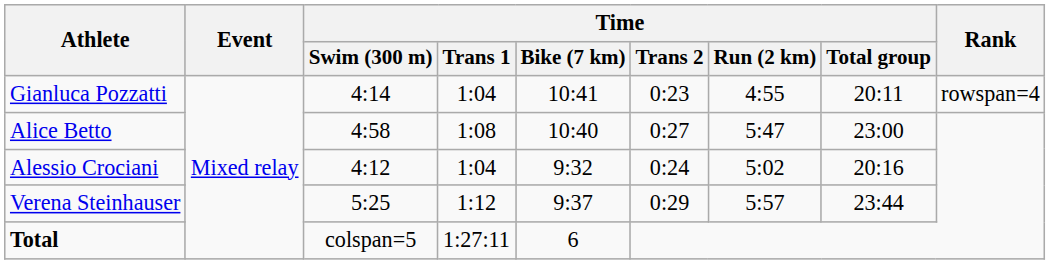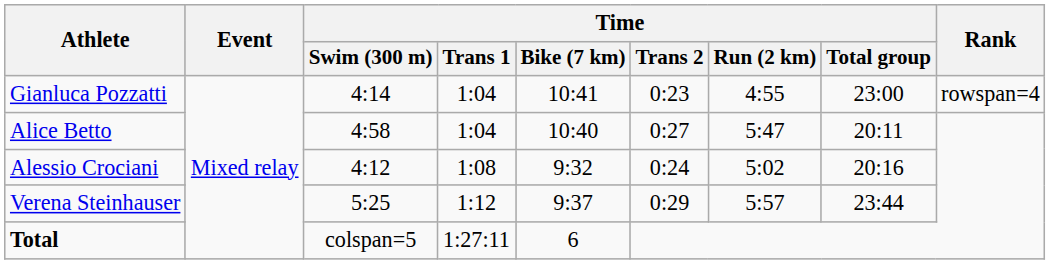 <table class="wikitable" style="font-size:90%;text-align:center;">
 <tr>
 <th rowspan=2>Athlete</th>
 <th rowspan=2>Event</th>
 <th colspan=6>Time</th>
 <th rowspan=2>Rank</th>
 </tr>
 <tr style="font-size:95%">
 <th>Swim (300 m)</th>
 <th>Trans 1</th>
 <th>Bike (7 km)</th>
 <th>Trans 2</th>
 <th>Run (2 km)</th>
 <th>Total group</th>
 </tr>
 <tr>
 <td align=left><a href='#'>Gianluca Pozzatti</a></td>
 <td align=left rowspan=5><a href='#'>Mixed relay</a></td>
 <td>4:14</td>
 <td>1:04</td>
 <td>10:41</td>
 <td>0:23</td>
 <td>4:55</td>
-<td>20:11</td>
+<td>23:00</td>
 <td>rowspan=4 </td>
 </tr>
 <tr>
 <td align=left><a href='#'>Alice Betto</a></td>
 <td>4:58</td>
-<td>1:08</td>
+<td>1:04</td>
 <td>10:40</td>
 <td>0:27</td>
 <td>5:47</td>
-<td>23:00</td>
+<td>20:11</td>
 </tr>
 <tr>
 <td align=left><a href='#'>Alessio Crociani</a></td>
 <td>4:12</td>
-<td>1:04</td>
+<td>1:08</td>
 <td>9:32</td>
 <td>0:24</td>
 <td>5:02</td>
 <td>20:16</td>
 </tr>
 <tr>
 <td align=left><a href='#'>Verena Steinhauser</a></td>
 <td>5:25</td>
 <td>1:12</td>
 <td>9:37</td>
 <td>0:29</td>
 <td>5:57</td>
 <td>23:44</td>
 </tr>
 <tr align=center>
 <td align=left><strong>Total</strong></td>
 <td>colspan=5 </td>
 <td>1:27:11</td>
 <td>6</td>
 </tr>
 </table>
